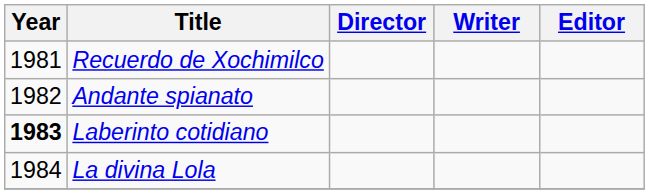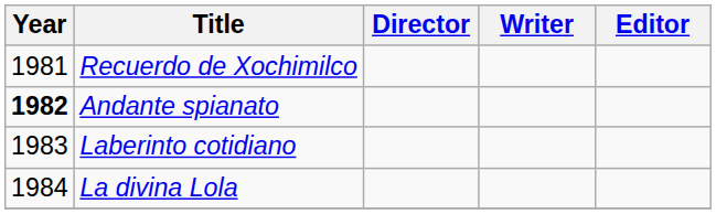 <table class="wikitable">
 <tr>
 <th>Year</th>
 <th>Title</th>
 <th width=65><a href='#'>Director</a></th>
 <th width=65><a href='#'>Writer</a></th>
 <th width=65><a href='#'>Editor</a></th>
 </tr>
 <tr>
 <td>1981</td>
 <td><em><a href='#'>Recuerdo de Xochimilco</a></em></td>
 <td></td>
 <td></td>
 <td></td>
 </tr>
 <tr>
-<td>1982</td>
+<td><strong>1982</strong></td>
 <td><em><a href='#'>Andante spianato</a></em></td>
 <td></td>
 <td></td>
 <td></td>
 </tr>
 <tr>
-<td><strong>1983</strong></td>
+<td>1983</td>
 <td><em><a href='#'>Laberinto cotidiano</a></em></td>
 <td></td>
 <td></td>
 <td></td>
 </tr>
 <tr>
 <td>1984</td>
 <td><em><a href='#'>La divina Lola</a></em></td>
 <td></td>
 <td></td>
 <td></td>
 </tr>
 <tr>
 </tr>
 </table>
